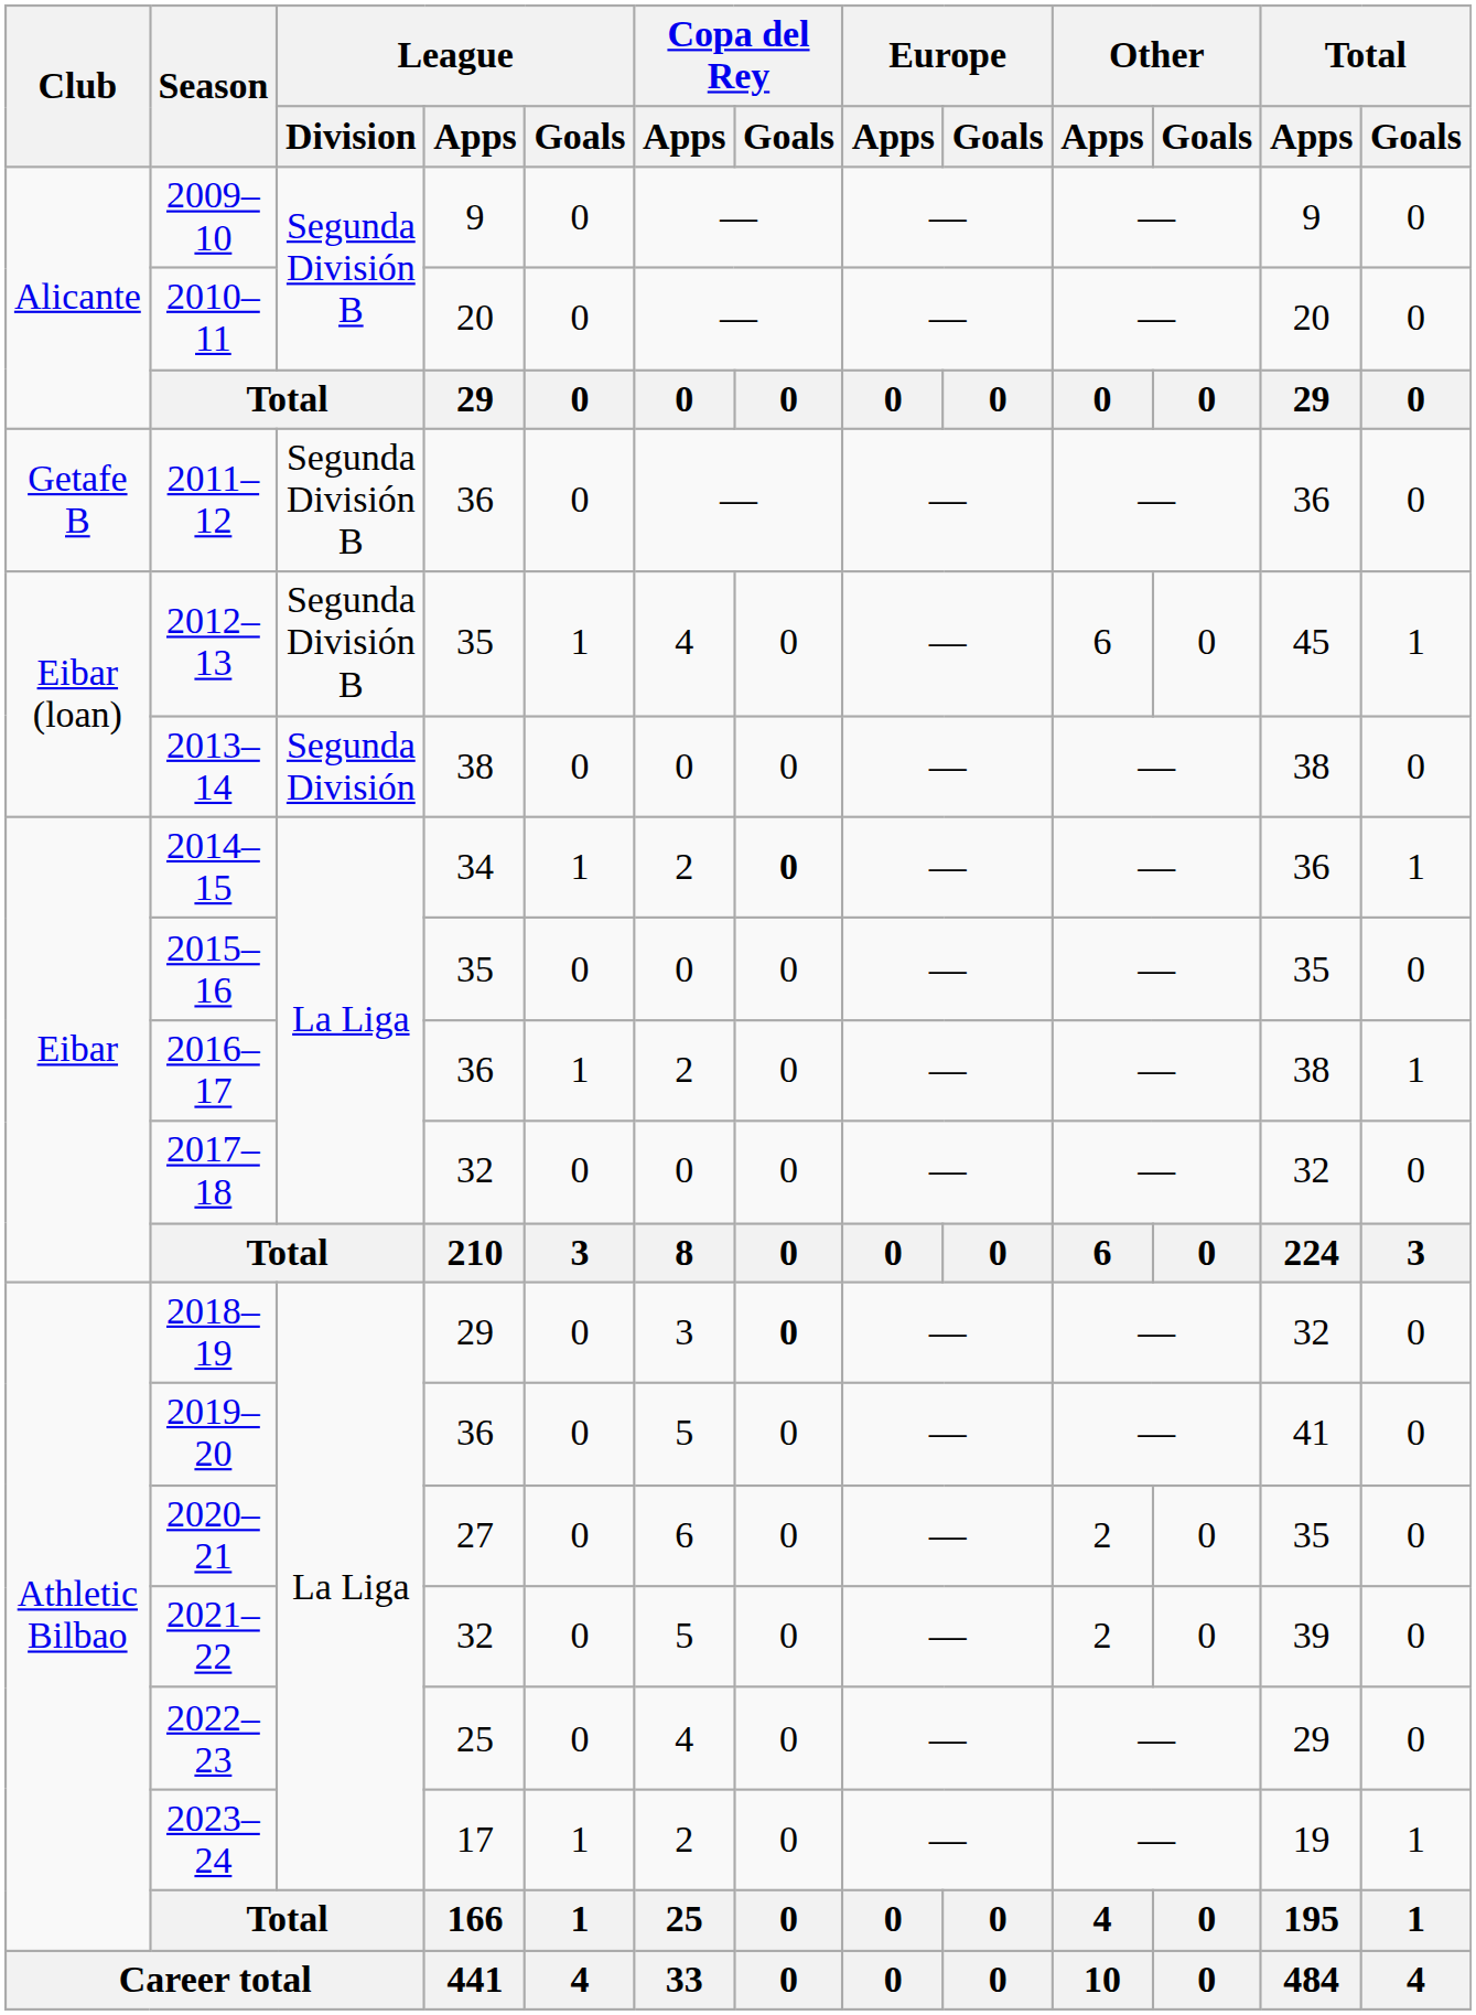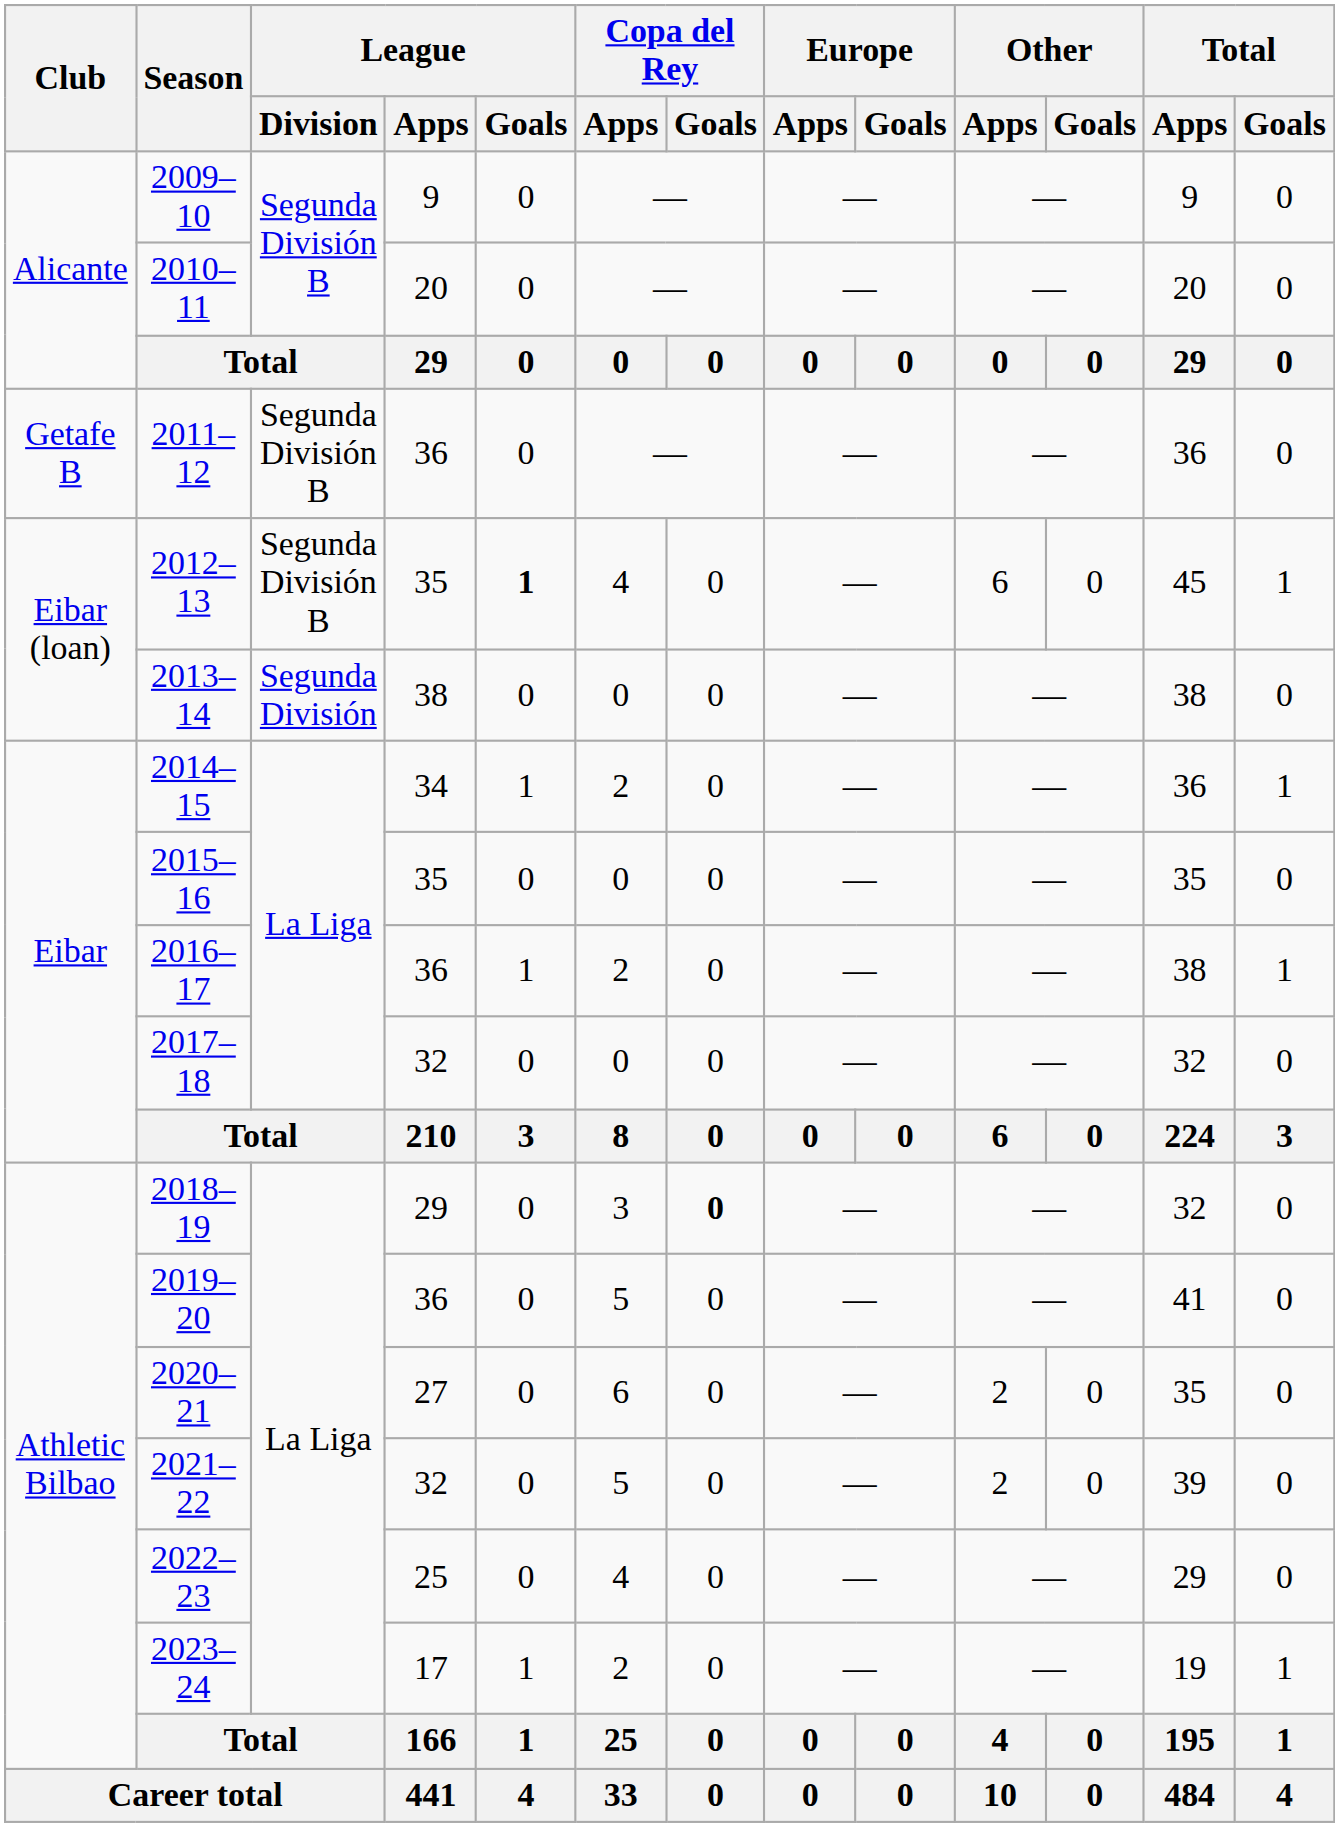 <table class="wikitable" style="text-align: center;">
 <tr>
 <th rowspan="2">Club</th>
 <th rowspan="2">Season</th>
 <th colspan="3">League</th>
 <th colspan="2"><a href='#'>Copa del Rey</a></th>
 <th colspan="2">Europe</th>
 <th colspan="2">Other</th>
 <th colspan="2">Total</th>
 </tr>
 <tr>
 <th>Division</th>
 <th>Apps</th>
 <th>Goals</th>
 <th>Apps</th>
 <th>Goals</th>
 <th>Apps</th>
 <th>Goals</th>
 <th>Apps</th>
 <th>Goals</th>
 <th>Apps</th>
 <th>Goals</th>
 </tr>
 <tr>
 <td rowspan="3"><a href='#'>Alicante</a></td>
 <td><a href='#'>2009–10</a></td>
 <td rowspan="2"><a href='#'>Segunda División B</a></td>
 <td>9</td>
 <td>0</td>
 <td colspan="2">—</td>
 <td colspan="2">—</td>
 <td colspan="2">—</td>
 <td>9</td>
 <td>0</td>
 </tr>
 <tr>
 <td><a href='#'>2010–11</a></td>
 <td>20</td>
 <td>0</td>
 <td colspan="2">—</td>
 <td colspan="2">—</td>
 <td colspan="2">—</td>
 <td>20</td>
 <td>0</td>
 </tr>
 <tr>
 <th colspan="2">Total</th>
 <th>29</th>
 <th>0</th>
 <th>0</th>
 <th>0</th>
 <th>0</th>
 <th>0</th>
 <th>0</th>
 <th>0</th>
 <th>29</th>
 <th>0</th>
 </tr>
 <tr>
 <td><a href='#'>Getafe B</a></td>
 <td><a href='#'>2011–12</a></td>
 <td>Segunda División B</td>
 <td>36</td>
 <td>0</td>
 <td colspan="2">—</td>
 <td colspan="2">—</td>
 <td colspan="2">—</td>
 <td>36</td>
 <td>0</td>
 </tr>
 <tr>
 <td rowspan="2"><a href='#'>Eibar</a> (loan)</td>
 <td><a href='#'>2012–13</a></td>
 <td>Segunda División B</td>
 <td>35</td>
-<td>1</td>
+<td><strong>1</strong></td>
 <td>4</td>
 <td>0</td>
 <td colspan="2">—</td>
 <td>6</td>
 <td>0</td>
 <td>45</td>
 <td>1</td>
 </tr>
 <tr>
 <td><a href='#'>2013–14</a></td>
 <td><a href='#'>Segunda División</a></td>
 <td>38</td>
 <td>0</td>
 <td>0</td>
 <td>0</td>
 <td colspan="2">—</td>
 <td colspan="2">—</td>
 <td>38</td>
 <td>0</td>
 </tr>
 <tr>
 <td rowspan="5"><a href='#'>Eibar</a></td>
 <td><a href='#'>2014–15</a></td>
 <td rowspan="4"><a href='#'>La Liga</a></td>
 <td>34</td>
 <td>1</td>
 <td>2</td>
-<td><strong>0</strong></td>
+<td>0</td>
 <td colspan="2">—</td>
 <td colspan="2">—</td>
 <td>36</td>
 <td>1</td>
 </tr>
 <tr>
 <td><a href='#'>2015–16</a></td>
 <td>35</td>
 <td>0</td>
 <td>0</td>
 <td>0</td>
 <td colspan="2">—</td>
 <td colspan="2">—</td>
 <td>35</td>
 <td>0</td>
 </tr>
 <tr>
 <td><a href='#'>2016–17</a></td>
 <td>36</td>
 <td>1</td>
 <td>2</td>
 <td>0</td>
 <td colspan="2">—</td>
 <td colspan="2">—</td>
 <td>38</td>
 <td>1</td>
 </tr>
 <tr>
 <td><a href='#'>2017–18</a></td>
 <td>32</td>
 <td>0</td>
 <td>0</td>
 <td>0</td>
 <td colspan="2">—</td>
 <td colspan="2">—</td>
 <td>32</td>
 <td>0</td>
 </tr>
 <tr>
 <th colspan="2">Total</th>
 <th>210</th>
 <th>3</th>
 <th>8</th>
 <th>0</th>
 <th>0</th>
 <th>0</th>
 <th>6</th>
 <th>0</th>
 <th>224</th>
 <th>3</th>
 </tr>
 <tr>
 <td rowspan="7"><a href='#'>Athletic Bilbao</a></td>
 <td><a href='#'>2018–19</a></td>
 <td rowspan="6">La Liga</td>
 <td>29</td>
 <td>0</td>
 <td>3</td>
 <td><strong>0</strong></td>
 <td colspan="2">—</td>
 <td colspan="2">—</td>
 <td>32</td>
 <td>0</td>
 </tr>
 <tr>
 <td><a href='#'>2019–20</a></td>
 <td>36</td>
 <td>0</td>
 <td>5</td>
 <td>0</td>
 <td colspan="2">—</td>
 <td colspan="2">—</td>
 <td>41</td>
 <td>0</td>
 </tr>
 <tr>
 <td><a href='#'>2020–21</a></td>
 <td>27</td>
 <td>0</td>
 <td>6</td>
 <td>0</td>
 <td colspan="2">—</td>
 <td>2</td>
 <td>0</td>
 <td>35</td>
 <td>0</td>
 </tr>
 <tr>
 <td><a href='#'>2021–22</a></td>
 <td>32</td>
 <td>0</td>
 <td>5</td>
 <td>0</td>
 <td colspan="2">—</td>
 <td>2</td>
 <td>0</td>
 <td>39</td>
 <td>0</td>
 </tr>
 <tr>
 <td><a href='#'>2022–23</a></td>
 <td>25</td>
 <td>0</td>
 <td>4</td>
 <td>0</td>
 <td colspan="2">—</td>
 <td colspan="2">—</td>
 <td>29</td>
 <td>0</td>
 </tr>
 <tr>
 <td><a href='#'>2023–24</a></td>
 <td>17</td>
 <td>1</td>
 <td>2</td>
 <td>0</td>
 <td colspan="2">—</td>
 <td colspan="2">—</td>
 <td>19</td>
 <td>1</td>
 </tr>
 <tr>
 <th colspan="2">Total</th>
 <th>166</th>
 <th>1</th>
 <th>25</th>
 <th>0</th>
 <th>0</th>
 <th>0</th>
 <th>4</th>
 <th>0</th>
 <th>195</th>
 <th>1</th>
 </tr>
 <tr>
 <th colspan="3">Career total</th>
 <th>441</th>
 <th>4</th>
 <th>33</th>
 <th>0</th>
 <th>0</th>
 <th>0</th>
 <th>10</th>
 <th>0</th>
 <th>484</th>
 <th>4</th>
 </tr>
 </table>
